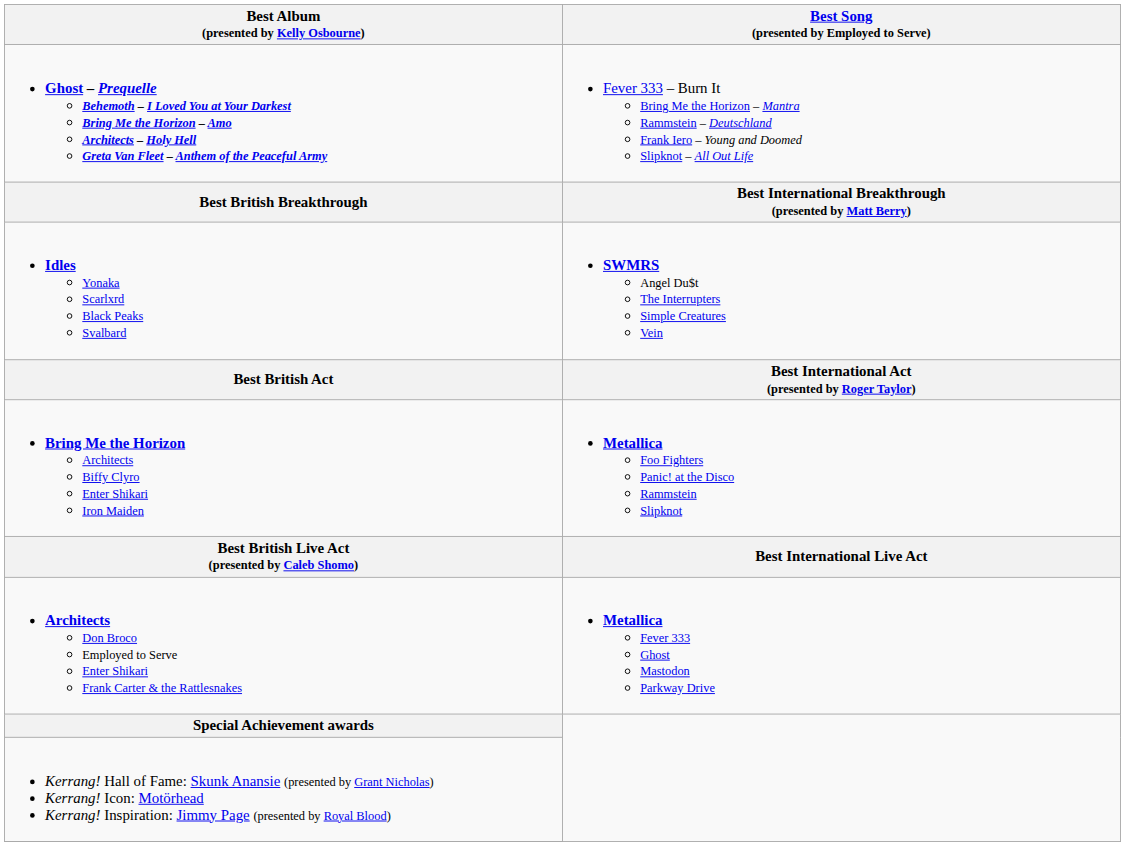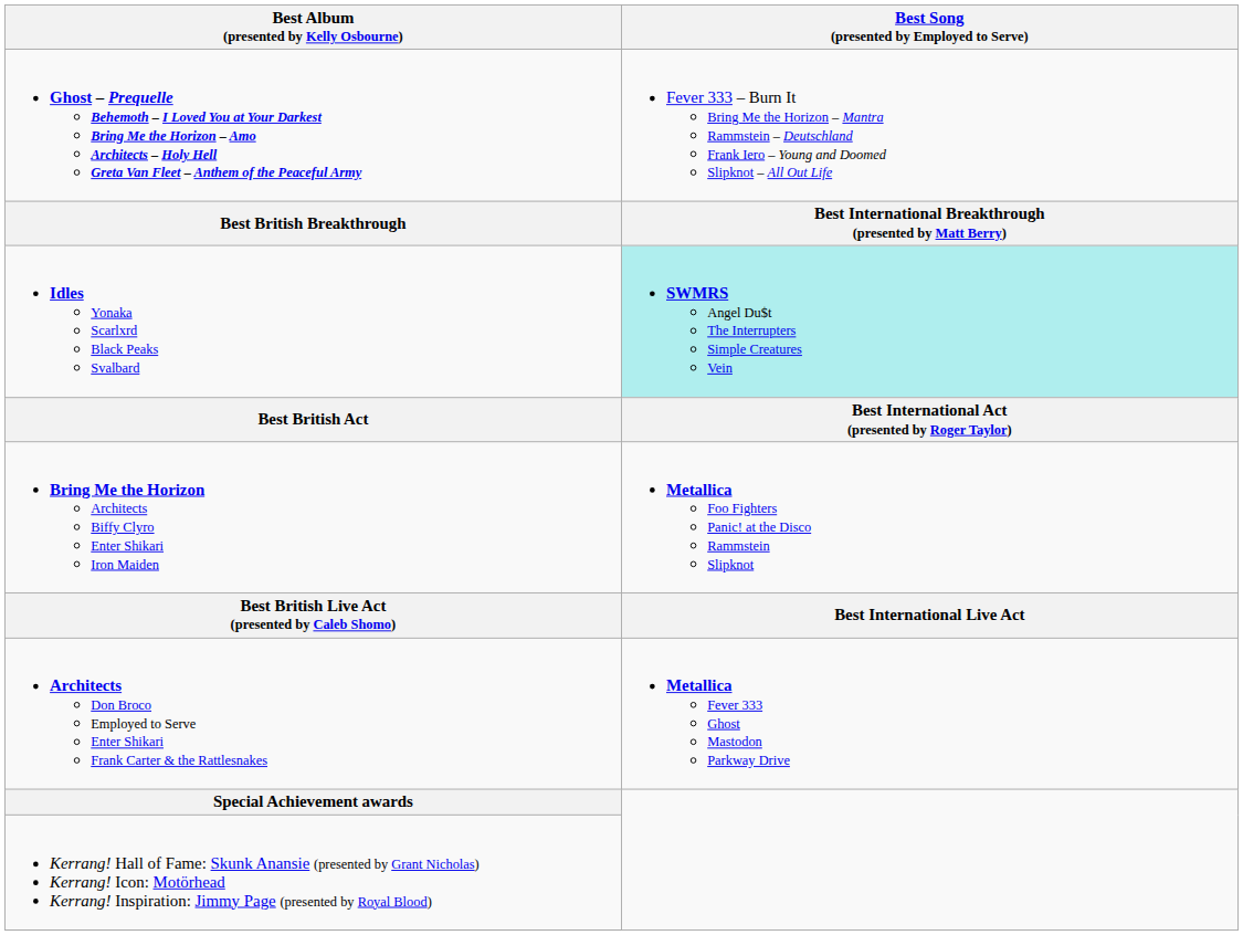 <table class="wikitable" style="width:95%">
 <tr bgcolor="#bebebe">
 <th width="50%">Best Album <br><small>(presented by <a href='#'>Kelly Osbourne</a>)</small></th>
 <th width="50%"><a href='#'>Best Song</a> <br><small>(presented by Employed to Serve)</small></th>
 </tr>
 <tr>
 <td valign="top"><br><ul><li><strong><a href='#'>Ghost</a> – <em><a href='#'>Prequelle</a><strong><em><ul><li><small><a href='#'>Behemoth</a> – </em><a href='#'>I Loved You at Your Darkest</a><em></small></li><li><small><a href='#'>Bring Me the Horizon</a> – </em><a href='#'>Amo</a><em></small></li><li><small><a href='#'>Architects</a> – </em><a href='#'>Holy Hell</a><em></small></li><li><small><a href='#'>Greta Van Fleet</a> – </em><a href='#'>Anthem of the Peaceful Army</a><em></small></li></ul></li></ul></td>
 <td valign="top"><br><ul><li></strong><a href='#'>Fever 333</a> – </em>Burn It</em></strong><ul><li><small><a href='#'>Bring Me the Horizon</a> – <em><a href='#'>Mantra</a></em></small></li><li><small><a href='#'>Rammstein</a> – <em><a href='#'>Deutschland</a></em></small></li><li><small><a href='#'>Frank Iero</a> – <em>Young and Doomed</em></small></li><li><small><a href='#'>Slipknot</a> – <em><a href='#'>All Out Life</a></em></small></li></ul></li></ul></td>
 </tr>
 <tr>
 <th width="50%">Best British Breakthrough</th>
 <th width="50%">Best International Breakthrough <br><small>(presented by <a href='#'>Matt Berry</a>)</small></th>
 </tr>
 <tr>
 <td valign="top"><br><ul><li><strong><a href='#'>Idles</a></strong><ul><li><small><a href='#'>Yonaka</a></small></li><li><small><a href='#'>Scarlxrd</a></small></li><li><small><a href='#'>Black Peaks</a></small></li><li><small><a href='#'>Svalbard</a></small></li></ul></li></ul></td>
-<td valign="top"><br><ul><li><strong><a href='#'>SWMRS</a></strong><ul><li><small>Angel Du$t</small></li><li><small><a href='#'>The Interrupters</a></small></li><li><small><a href='#'>Simple Creatures</a></small></li><li><small><a href='#'>Vein</a></small></li></ul></li></ul></td>
+<td valign="top" style="background: paleturquoise;"><br><ul><li><strong><a href='#'>SWMRS</a></strong><ul><li><small>Angel Du$t</small></li><li><small><a href='#'>The Interrupters</a></small></li><li><small><a href='#'>Simple Creatures</a></small></li><li><small><a href='#'>Vein</a></small></li></ul></li></ul></td>
 </tr>
 <tr>
 <th width="50%">Best British Act</th>
 <th width="50%">Best International Act<br><small>(presented by <a href='#'>Roger Taylor</a>)</small></th>
 </tr>
 <tr>
 <td valign="top"><br><ul><li><strong><a href='#'>Bring Me the Horizon</a></strong><ul><li><small><a href='#'>Architects</a></small></li><li><small><a href='#'>Biffy Clyro</a></small></li><li><small><a href='#'>Enter Shikari</a></small></li><li><small><a href='#'>Iron Maiden</a></small></li></ul></li></ul></td>
 <td valign="top"><br><ul><li><strong><a href='#'>Metallica</a></strong><ul><li><small><a href='#'>Foo Fighters</a></small></li><li><small><a href='#'>Panic! at the Disco</a></small></li><li><small><a href='#'>Rammstein</a></small></li><li><small><a href='#'>Slipknot</a></small></li></ul></li></ul></td>
 </tr>
 <tr>
 <th width="50%">Best British Live Act <br><small>(presented by <a href='#'>Caleb Shomo</a>)</small></th>
 <th width="50%">Best International Live Act</th>
 </tr>
 <tr>
 <td valign="top"><br><ul><li><strong><a href='#'>Architects</a></strong><ul><li><small><a href='#'>Don Broco</a></small></li><li><small>Employed to Serve</small></li><li><small><a href='#'>Enter Shikari</a></small></li><li><small><a href='#'>Frank Carter & the Rattlesnakes</a></small></li></ul></li></ul></td>
 <td valign="top"><br><ul><li><strong><a href='#'>Metallica</a></strong><ul><li><small><a href='#'>Fever 333</a></small></li><li><small><a href='#'>Ghost</a></small></li><li><small><a href='#'>Mastodon</a></small></li><li><small><a href='#'>Parkway Drive</a></small></li></ul></li></ul></td>
 </tr>
 <tr>
 <th width="50%">Special Achievement awards</th>
 </tr>
 <tr>
 <td valign="top"><br><ul><li><em>Kerrang!</em> Hall of Fame: <a href='#'>Skunk Anansie</a> <small>(presented by <a href='#'>Grant Nicholas</a>)</small></li><li><em>Kerrang!</em> Icon: <a href='#'>Motörhead</a></li><li><em>Kerrang!</em> Inspiration: <a href='#'>Jimmy Page</a> <small>(presented by <a href='#'>Royal Blood</a>)</small></li></ul></td>
 </tr>
 <tr>
 </tr>
 </table>
